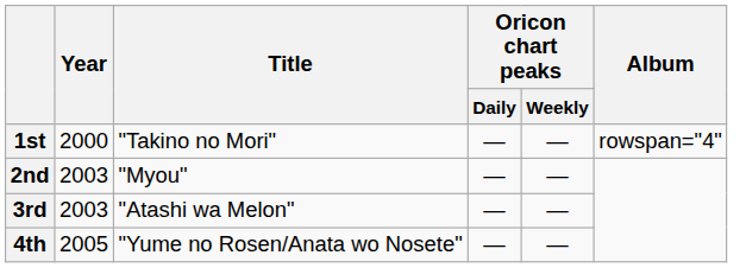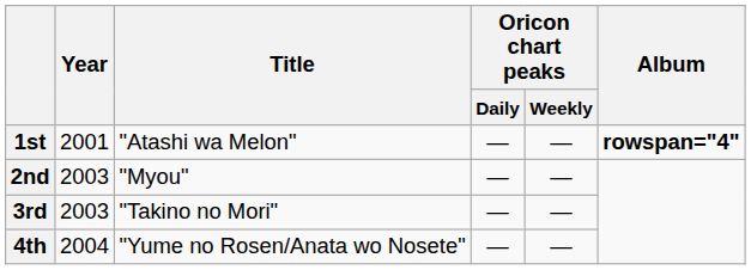 <table class="wikitable">
 <tr>
 <th rowspan="2"></th>
 <th rowspan="2">Year</th>
 <th rowspan="2">Title</th>
 <th colspan="2">Oricon chart peaks</th>
 <th rowspan="2">Album</th>
 </tr>
 <tr>
 <th width="30"><small>Daily</small></th>
 <th width="30"><small>Weekly</small></th>
 </tr>
 <tr>
 <th>1st</th>
-<td>2000</td>
-<td>"Takino no Mori"</td>
+<td>2001</td>
+<td>"Atashi wa Melon"</td>
 <td align="center">—</td>
 <td align="center">—</td>
-<td>rowspan="4" </td>
+<td><strong>rowspan="4" </strong></td>
 </tr>
 <tr>
 <th>2nd</th>
 <td>2003</td>
 <td>"Myou"</td>
 <td align="center">—</td>
 <td align="center">—</td>
 </tr>
 <tr>
 <th>3rd</th>
 <td>2003</td>
-<td>"Atashi wa Melon"</td>
+<td>"Takino no Mori"</td>
 <td align="center">—</td>
 <td align="center">—</td>
 </tr>
 <tr>
 <th>4th</th>
-<td>2005</td>
+<td>2004</td>
 <td>"Yume no Rosen/Anata wo Nosete"</td>
 <td align="center">—</td>
 <td align="center">—</td>
 </tr>
 </table>
